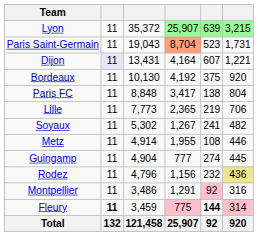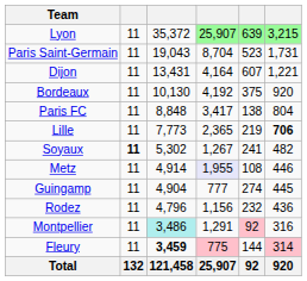 <table class="wikitable sortable" style="font-size: 100%;text-align: center;">
 <tr>
 <th>Team</th>
 <th></th>
 <th></th>
 <th></th>
 <th></th>
 <th></th>
 </tr>
 <tr>
 <td><a href='#'>Lyon</a></td>
 <td>11</td>
 <td>35,372</td>
 <td bgcolor="#98fb98">25,907</td>
 <td bgcolor="#98fb98">639</td>
 <td bgcolor="#98fb98">3,215</td>
 </tr>
 <tr>
 <td><a href='#'>Paris Saint-Germain</a></td>
 <td>11</td>
 <td>19,043</td>
-<td style="background: lightsalmon;">8,704</td>
+<td>8,704</td>
 <td>523</td>
 <td>1,731</td>
 </tr>
 <tr>
 <td><a href='#'>Dijon</a></td>
-<td style="background: lavender;">11</td>
+<td>11</td>
 <td>13,431</td>
 <td>4,164</td>
 <td>607</td>
 <td>1,221</td>
 </tr>
 <tr>
 <td><a href='#'>Bordeaux</a></td>
 <td>11</td>
 <td>10,130</td>
 <td>4,192</td>
 <td>375</td>
 <td>920</td>
 </tr>
 <tr>
 <td><a href='#'>Paris FC</a></td>
 <td>11</td>
 <td>8,848</td>
 <td>3,417</td>
 <td>138</td>
 <td>804</td>
 </tr>
 <tr>
 <td><a href='#'>Lille</a></td>
 <td>11</td>
 <td>7,773</td>
 <td>2,365</td>
 <td>219</td>
-<td>706</td>
+<td><strong>706</strong></td>
 </tr>
 <tr>
 <td><a href='#'>Soyaux</a></td>
-<td>11</td>
+<td><strong>11</strong></td>
 <td>5,302</td>
 <td>1,267</td>
 <td>241</td>
 <td>482</td>
 </tr>
 <tr>
 <td><a href='#'>Metz</a></td>
 <td>11</td>
 <td>4,914</td>
-<td>1,955</td>
+<td style="background: lavender;">1,955</td>
 <td>108</td>
 <td>446</td>
 </tr>
 <tr>
 <td><a href='#'>Guingamp</a></td>
 <td>11</td>
 <td>4,904</td>
 <td>777</td>
 <td>274</td>
 <td>445</td>
 </tr>
 <tr>
 <td><a href='#'>Rodez</a></td>
 <td>11</td>
 <td>4,796</td>
 <td>1,156</td>
 <td>232</td>
-<td style="background: khaki;">436</td>
+<td>436</td>
 </tr>
 <tr>
 <td><a href='#'>Montpellier</a></td>
 <td>11</td>
-<td>3,486</td>
+<td style="background: paleturquoise;">3,486</td>
 <td>1,291</td>
 <td bgcolor="#ffc0cb">92</td>
 <td>316</td>
 </tr>
 <tr>
 <td><a href='#'>Fleury</a></td>
-<td><strong>11</strong></td>
-<td>3,459</td>
+<td>11</td>
+<td><strong>3,459</strong></td>
 <td bgcolor="#ffc0cb">775</td>
-<td><strong>144</strong></td>
+<td>144</td>
 <td bgcolor="#ffc0cb">314</td>
 </tr>
 <tr>
 <th>Total</th>
 <th>132</th>
 <th>121,458</th>
 <th>25,907</th>
 <th>92</th>
 <th>920</th>
 </tr>
 </table>
